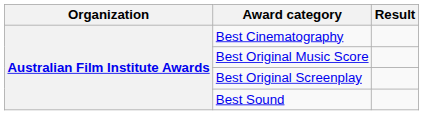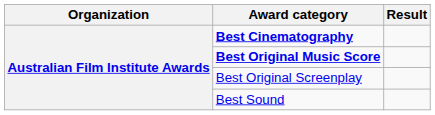 <table class="wikitable sortable plainrowheaders">
 <tr>
 <th scope="col">Organization</th>
 <th scope="col">Award category</th>
 <th scope="col">Result</th>
 </tr>
 <tr>
 <th scope="row" rowspan=4><a href='#'>Australian Film Institute Awards</a></th>
-<td><a href='#'>Best Cinematography</a></td>
+<td><strong><a href='#'>Best Cinematography</a></strong></td>
 <td></td>
 </tr>
 <tr>
-<td><a href='#'>Best Original Music Score</a></td>
+<td><strong><a href='#'>Best Original Music Score</a></strong></td>
 <td></td>
 </tr>
 <tr>
 <td><a href='#'>Best Original Screenplay</a></td>
 <td></td>
 </tr>
 <tr>
 <td><a href='#'>Best Sound</a></td>
 <td></td>
 </tr>
 </table>
